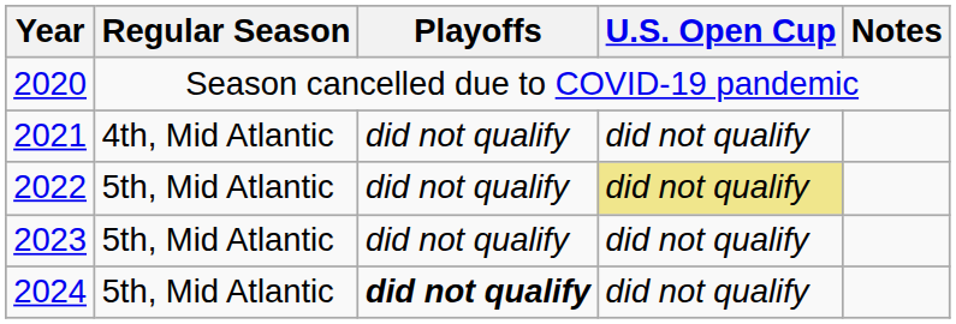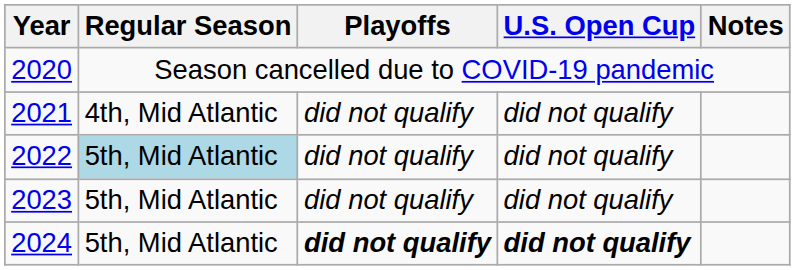 <table class="wikitable">
 <tr>
 <th>Year</th>
 <th>Regular Season</th>
 <th>Playoffs</th>
 <th><a href='#'>U.S. Open Cup</a></th>
 <th>Notes</th>
 </tr>
 <tr>
 <td><a href='#'>2020</a></td>
 <td colspan="4" style="text-align:center;">Season cancelled due to <a href='#'>COVID-19 pandemic</a></td>
 </tr>
 <tr>
 <td><a href='#'>2021</a></td>
 <td>4th, Mid Atlantic</td>
 <td><em>did not qualify</em></td>
 <td><em>did not qualify</em></td>
 <td></td>
 </tr>
 <tr>
 <td><a href='#'>2022</a></td>
-<td>5th, Mid Atlantic</td>
+<td style="background: lightblue;">5th, Mid Atlantic</td>
 <td><em>did not qualify</em></td>
-<td style="background: khaki;"><em>did not qualify</em></td>
+<td><em>did not qualify</em></td>
 <td></td>
 </tr>
 <tr>
 <td><a href='#'>2023</a></td>
 <td>5th, Mid Atlantic</td>
 <td><em>did not qualify</em></td>
 <td><em>did not qualify</em></td>
 <td></td>
 </tr>
 <tr>
 <td><a href='#'>2024</a></td>
 <td>5th, Mid Atlantic</td>
 <td><strong><em>did not qualify</em></strong></td>
-<td><em>did not qualify</em></td>
+<td><strong><em>did not qualify</em></strong></td>
 <td></td>
 </tr>
 </table>
